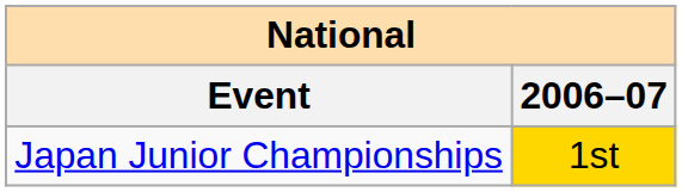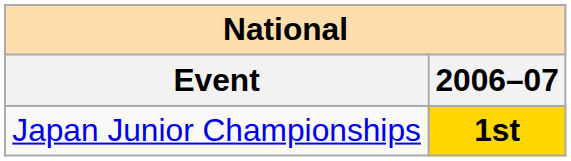 <table class="wikitable" style="text-align:center">
 <tr>
 <th colspan="2" style="background-color: #ffdead;">National</th>
 </tr>
 <tr>
 <th>Event</th>
 <th>2006–07</th>
 </tr>
 <tr>
 <td align=left><a href='#'>Japan Junior Championships</a></td>
-<td bgcolor=gold>1st</td>
+<td bgcolor=gold><strong>1st</strong></td>
 </tr>
 </table>
